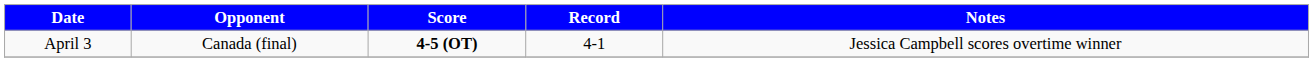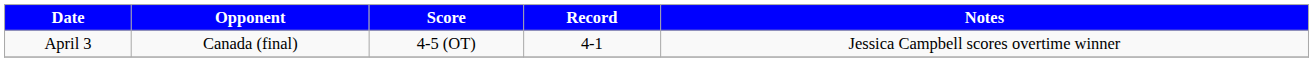 <table class="wikitable" width="80%">
 <tr align="center">
 <th style="background:blue;color:white;">Date</th>
 <th style="background:blue;color:white;">Opponent</th>
 <th style="background:blue;color:white;">Score</th>
 <th style="background:blue;color:white;">Record</th>
 <th style="background:blue;color:white;">Notes</th>
 </tr>
 <tr align="center" bgcolor="">
 <td>April 3</td>
 <td>Canada (final)</td>
-<td><strong>4-5 (OT) </strong></td>
+<td>4-5 (OT) </td>
 <td>4-1</td>
 <td>Jessica Campbell scores overtime winner</td>
 </tr>
 <tr align="center" bgcolor="">
 </tr>
 </table>
